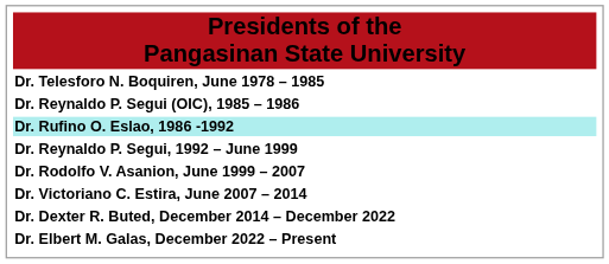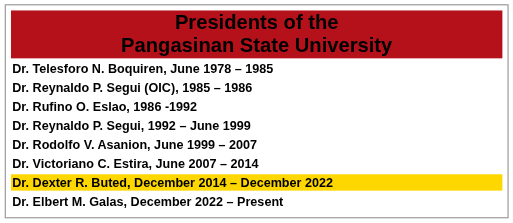 <table style="float:right; margin:1em; width:25em; border:1px solid #a0a0a0; padding:2px; bg-color=yellow; text-align:right;">
 <tr style="background:#b5111b; text-align:center;">
 <td><span><strong>Presidents of the <br>Pangasinan State University</strong></span></td>
 </tr>
 <tr style="text-align:left; font-size:x-small;">
 <td><strong>Dr. Telesforo N. Boquiren, June 1978 – 1985</strong></td>
 </tr>
 <tr style="text-align:left; font-size:x-small;">
 <td><strong>Dr. Reynaldo P. Segui (OIC), 1985 – 1986</strong></td>
 </tr>
 <tr style="text-align:left; font-size:x-small;">
-<td style="background: paleturquoise;"><strong>Dr. Rufino O. Eslao, 1986 -1992</strong></td>
+<td><strong>Dr. Rufino O. Eslao, 1986 -1992</strong></td>
 </tr>
 <tr style="text-align:left; font-size:x-small;">
 <td><strong>Dr. Reynaldo P. Segui, 1992 – June 1999</strong></td>
 </tr>
 <tr style="text-align:left; font-size:x-small;">
 <td><strong>Dr. Rodolfo V. Asanion, June 1999 – 2007</strong></td>
 </tr>
 <tr style="text-align:left; font-size:x-small;">
 <td><strong>Dr. Victoriano C. Estira, June 2007 – 2014</strong></td>
 </tr>
 <tr style="text-align:left; font-size:x-small;">
-<td><strong>Dr. Dexter R. Buted, December 2014 – December 2022</strong></td>
+<td style="background: gold;"><strong>Dr. Dexter R. Buted, December 2014 – December 2022</strong></td>
 </tr>
 <tr style="text-align:left; font-size:x-small;">
 <td><strong>Dr. Elbert M. Galas, December 2022 – Present</strong></td>
 </tr>
 <tr style="text-align:left; font-size:x-small;">
 </tr>
 </table>
